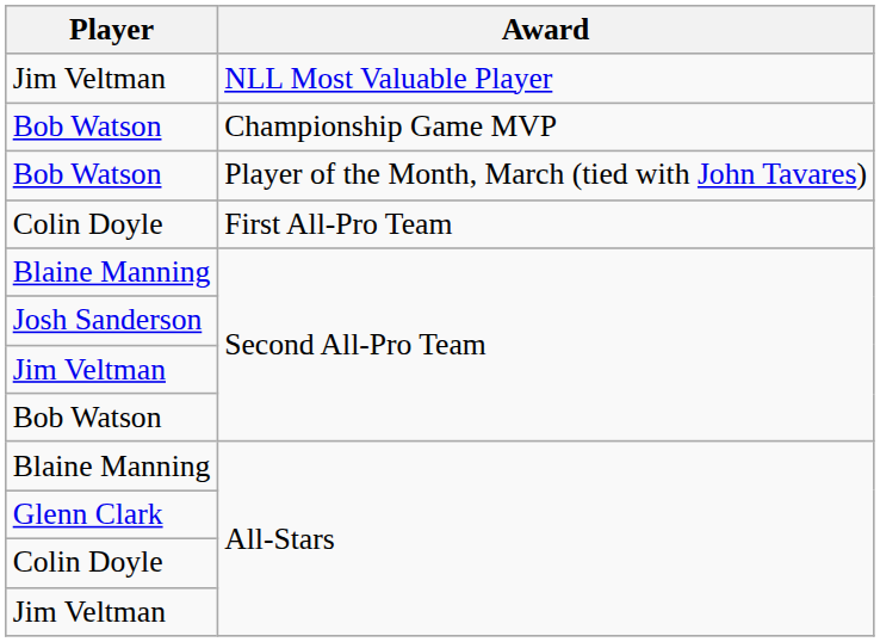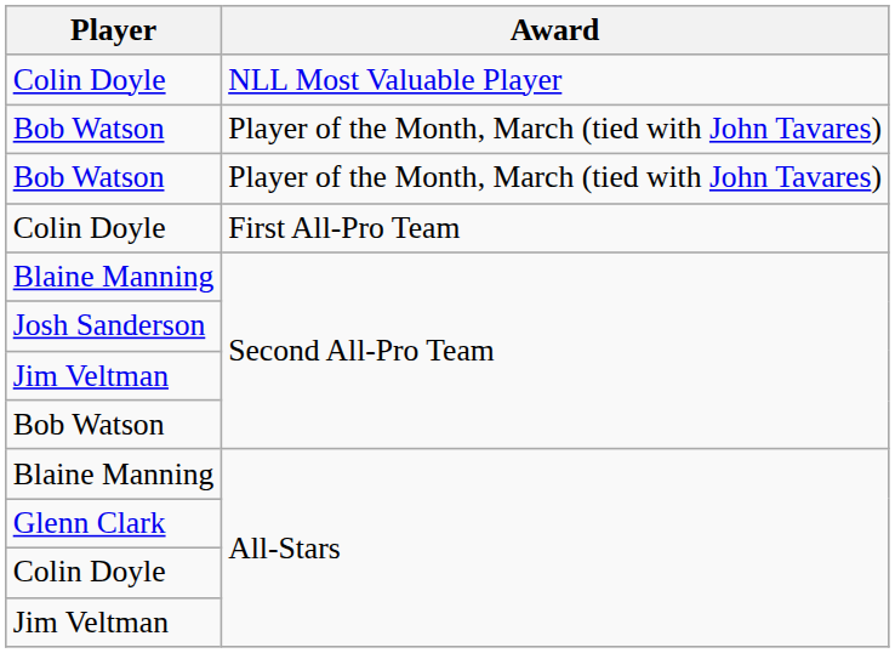 <table class="wikitable">
 <tr>
 <th>Player</th>
 <th>Award</th>
 </tr>
 <tr>
-<td>Jim Veltman</td>
+<td><a href='#'>Colin Doyle</a></td>
 <td><a href='#'>NLL Most Valuable Player</a></td>
 </tr>
 <tr>
 <td><a href='#'>Bob Watson</a></td>
-<td>Championship Game MVP</td>
+<td>Player of the Month, March (tied with <a href='#'>John Tavares</a>)</td>
 </tr>
 <tr>
 <td><a href='#'>Bob Watson</a></td>
 <td>Player of the Month, March (tied with <a href='#'>John Tavares</a>)</td>
 </tr>
 <tr>
 <td>Colin Doyle</td>
 <td>First All-Pro Team</td>
 </tr>
 <tr>
 <td><a href='#'>Blaine Manning</a></td>
 <td rowspan=4>Second All-Pro Team</td>
 </tr>
 <tr>
 <td><a href='#'>Josh Sanderson</a></td>
 </tr>
 <tr>
 <td><a href='#'>Jim Veltman</a></td>
 </tr>
 <tr>
 <td>Bob Watson</td>
 </tr>
 <tr>
 <td>Blaine Manning</td>
 <td rowspan=4>All-Stars</td>
 </tr>
 <tr>
 <td><a href='#'>Glenn Clark</a></td>
 </tr>
 <tr>
 <td>Colin Doyle</td>
 </tr>
 <tr>
 <td>Jim Veltman</td>
 </tr>
 </table>
